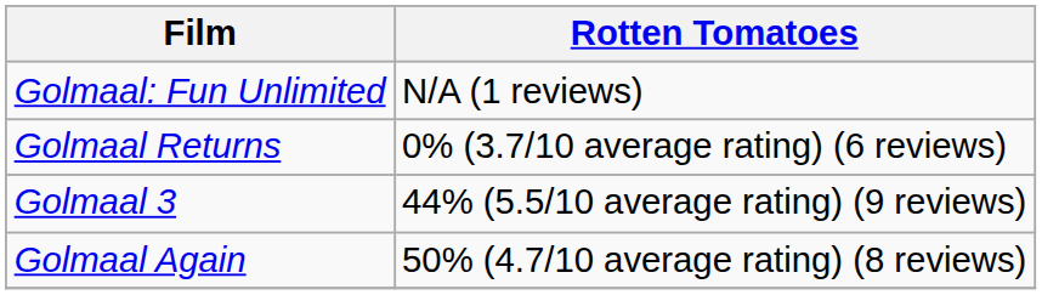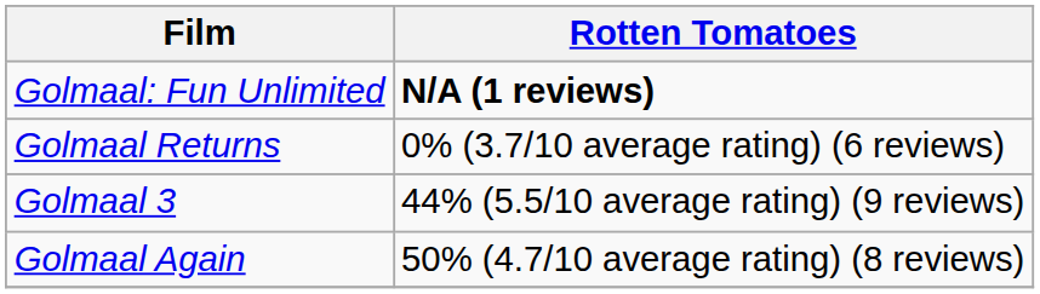 <table class="wikitable sortable">
 <tr>
 <th>Film</th>
 <th><a href='#'>Rotten Tomatoes</a></th>
 </tr>
 <tr>
 <td><em><a href='#'>Golmaal: Fun Unlimited</a></em></td>
-<td>N/A (1 reviews)</td>
+<td><strong>N/A (1 reviews)</strong></td>
 </tr>
 <tr>
 <td><em><a href='#'>Golmaal Returns</a></em></td>
 <td>0% (3.7/10 average rating) (6 reviews)</td>
 </tr>
 <tr>
 <td><em><a href='#'>Golmaal 3</a></em></td>
 <td>44% (5.5/10 average rating) (9 reviews)</td>
 </tr>
 <tr>
 <td><em><a href='#'>Golmaal Again</a></em></td>
 <td>50% (4.7/10 average rating) (8 reviews)</td>
 </tr>
 <tr>
 </tr>
 </table>
